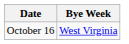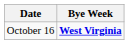 <table class="wikitable" style="font-size:95%;">
 <tr>
 <th>Date</th>
 <th colspan="1">Bye Week</th>
 </tr>
 <tr>
 <td>October 16</td>
-<td><a href='#'>West Virginia</a></td>
+<td><strong><a href='#'>West Virginia</a></strong></td>
 </tr>
 </table>
